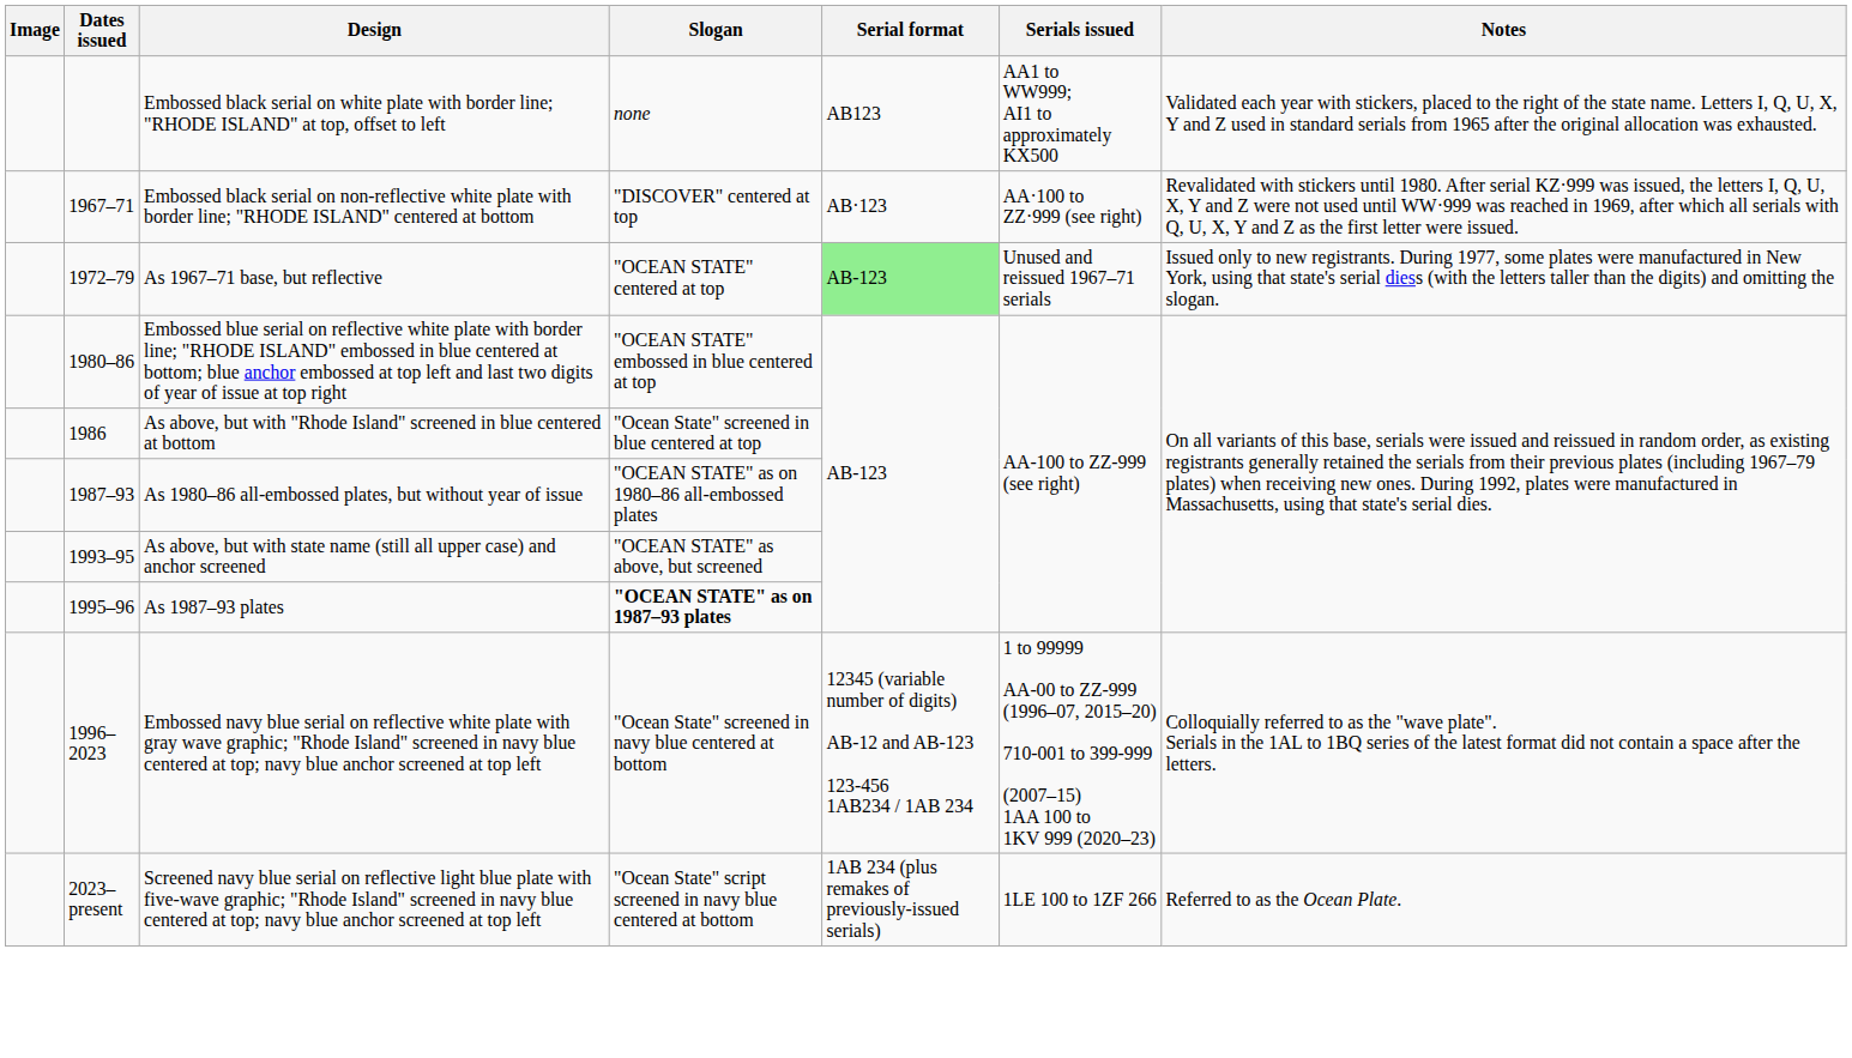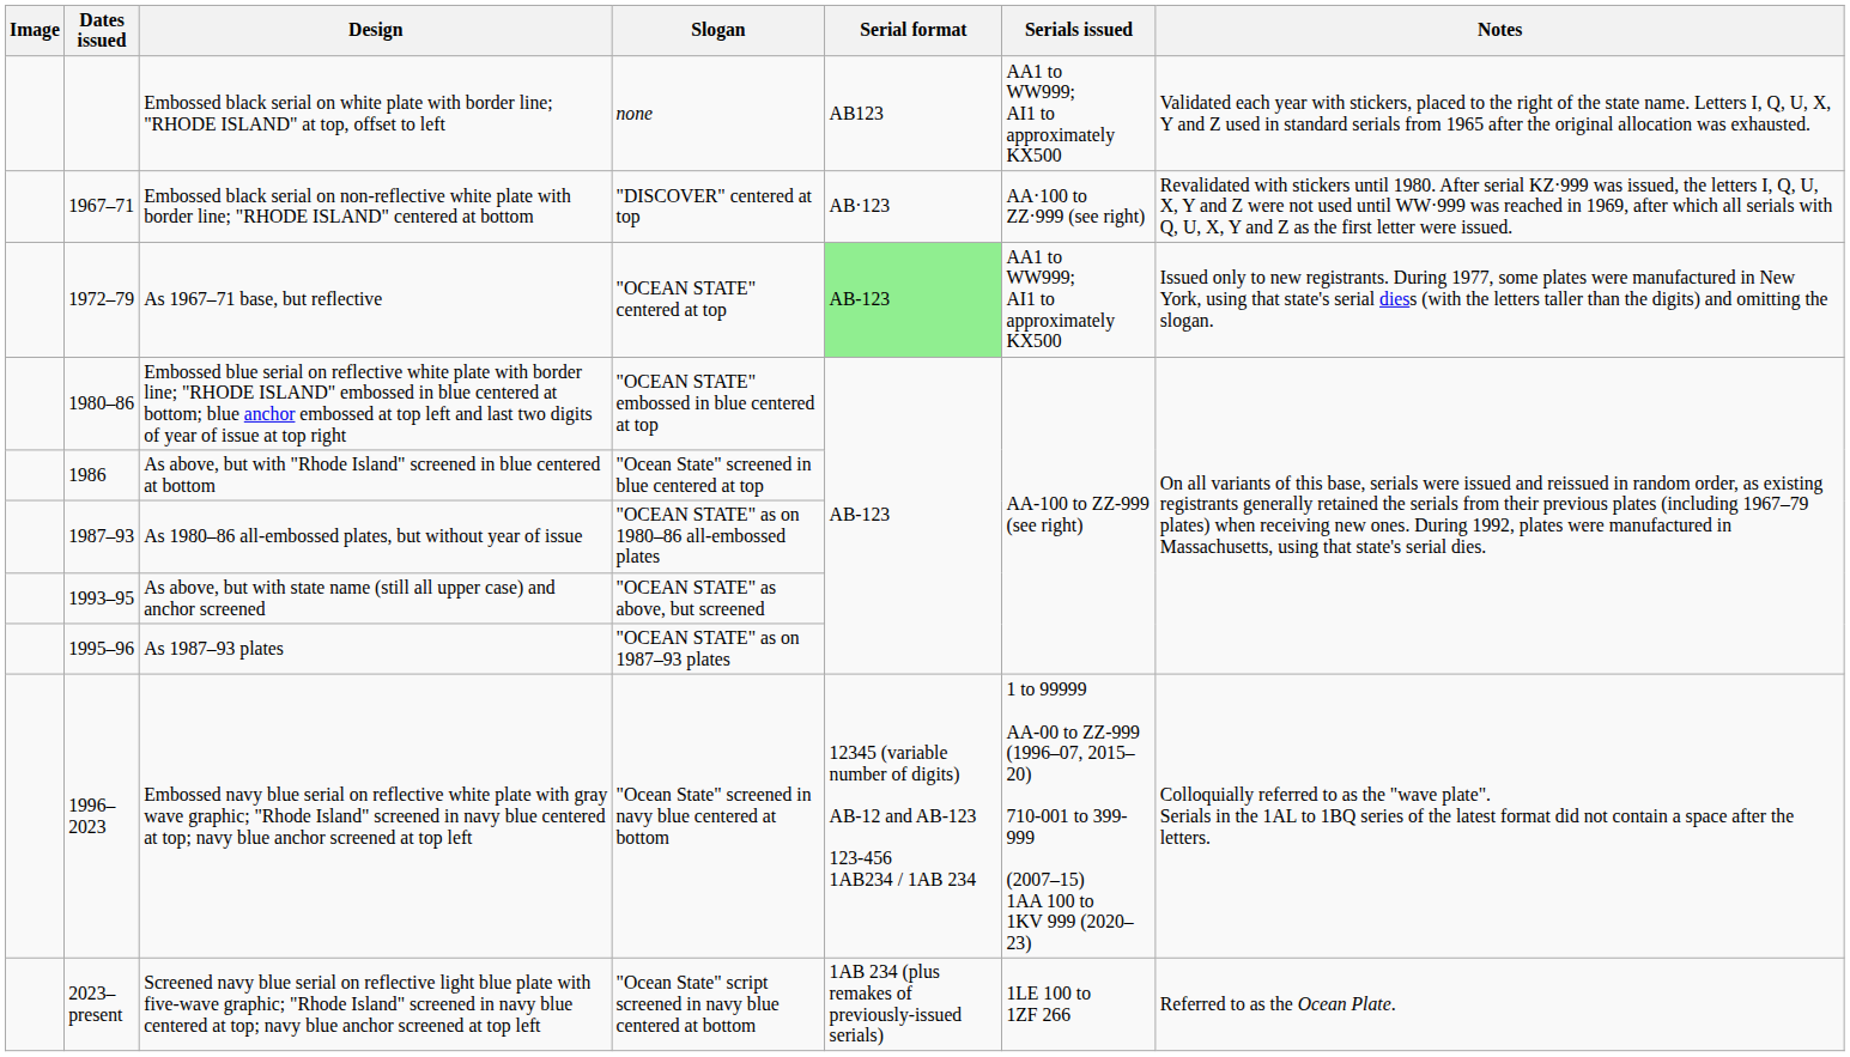 <table class="wikitable">
 <tr>
 <th>Image</th>
 <th>Dates issued</th>
 <th>Design</th>
 <th>Slogan</th>
 <th>Serial format</th>
 <th>Serials issued</th>
 <th>Notes</th>
 </tr>
 <tr>
 <td></td>
 <td></td>
 <td>Embossed black serial on white plate with border line; "RHODE ISLAND" at top, offset to left</td>
 <td><em>none</em></td>
 <td>AB123</td>
 <td>AA1 to<br>WW999;<br>AI1 to approximately KX500</td>
 <td>Validated each year with stickers, placed to the right of the state name. Letters I, Q, U, X, Y and Z used in standard serials from 1965 after the original allocation was exhausted.</td>
 </tr>
 <tr>
 <td></td>
 <td>1967–71</td>
 <td>Embossed black serial on non-reflective white plate with border line; "RHODE ISLAND" centered at bottom</td>
 <td>"DISCOVER" centered at top</td>
 <td>AB·123</td>
 <td>AA·100 to<br>ZZ·999 (see right)</td>
 <td>Revalidated with stickers until 1980. After serial KZ·999 was issued, the letters I, Q, U, X, Y and Z were not used until WW·999 was reached in 1969, after which all serials with Q, U, X, Y and Z as the first letter were issued.</td>
 </tr>
 <tr>
 <td></td>
 <td>1972–79</td>
 <td>As 1967–71 base, but reflective</td>
 <td>"OCEAN STATE" centered at top</td>
 <td style="background: lightgreen;">AB-123</td>
-<td>Unused and reissued 1967–71 serials</td>
+<td>AA1 to<br>WW999;<br>AI1 to approximately KX500</td>
 <td>Issued only to new registrants. During 1977, some plates were manufactured in New York, using that state's serial <a href='#'>dies</a>s (with the letters taller than the digits) and omitting the slogan.</td>
 </tr>
 <tr>
 <td></td>
 <td>1980–86</td>
 <td>Embossed blue serial on reflective white plate with border line; "RHODE ISLAND" embossed in blue centered at bottom; blue <a href='#'>anchor</a> embossed at top left and last two digits of year of issue at top right</td>
 <td>"OCEAN STATE" embossed in blue centered at top</td>
 <td rowspan="5">AB-123</td>
 <td rowspan="5">AA-100 to ZZ-999 (see right)</td>
 <td rowspan="5">On all variants of this base, serials were issued and reissued in random order, as existing registrants generally retained the serials from their previous plates (including 1967–79 plates) when receiving new ones. During 1992, plates were manufactured in Massachusetts, using that state's serial dies.</td>
 </tr>
 <tr>
 <td></td>
 <td>1986</td>
 <td>As above, but with "Rhode Island" screened in blue centered at bottom</td>
 <td>"Ocean State" screened in blue centered at top</td>
 </tr>
 <tr>
 <td></td>
 <td>1987–93</td>
 <td>As 1980–86 all-embossed plates, but without year of issue</td>
 <td>"OCEAN STATE" as on 1980–86 all-embossed plates</td>
 </tr>
 <tr>
 <td></td>
 <td>1993–95</td>
 <td>As above, but with state name (still all upper case) and anchor screened</td>
 <td>"OCEAN STATE" as above, but screened</td>
 </tr>
 <tr>
 <td></td>
 <td>1995–96</td>
 <td>As 1987–93 plates</td>
-<td><strong>"OCEAN STATE" as on 1987–93 plates</strong></td>
+<td>"OCEAN STATE" as on 1987–93 plates</td>
 </tr>
 <tr>
 <td><br> </td>
 <td>1996–2023</td>
 <td>Embossed navy blue serial on reflective white plate with gray wave graphic; "Rhode Island" screened in navy blue centered at top; navy blue anchor screened at top left</td>
 <td>"Ocean State" screened in navy blue centered at bottom</td>
 <td>12345 (variable number of digits)<br><br>AB-12 and AB-123<br><br>123-456<br>1AB234 / 1AB 234</td>
 <td>1 to 99999<br><br>AA-00 to ZZ-999<br> (1996–07, 2015–20)<br> <br>710-001 to 399-999<br><br>(2007–15)<br>1AA 100 to 1KV 999 (2020–23)</td>
 <td>Colloquially referred to as the "wave plate".<br>Serials in the 1AL to 1BQ series of the latest format did not contain a space after the letters.</td>
 </tr>
 <tr>
 <td></td>
 <td>2023–present</td>
 <td>Screened navy blue serial on reflective light blue plate with five-wave graphic; "Rhode Island" screened in navy blue centered at top; navy blue anchor screened at top left</td>
 <td>"Ocean State" script screened in navy blue centered at bottom</td>
 <td>1AB 234 (plus remakes of previously-issued serials)</td>
 <td>1LE 100 to 1ZF 266 </td>
 <td>Referred to as the <em>Ocean Plate</em>.</td>
 </tr>
 </table>
